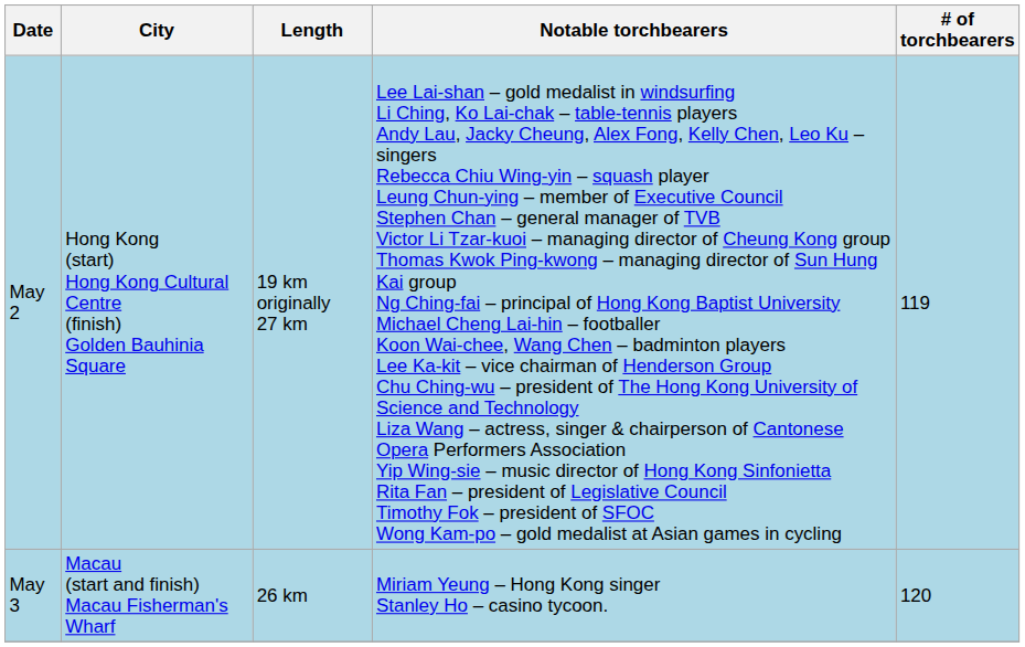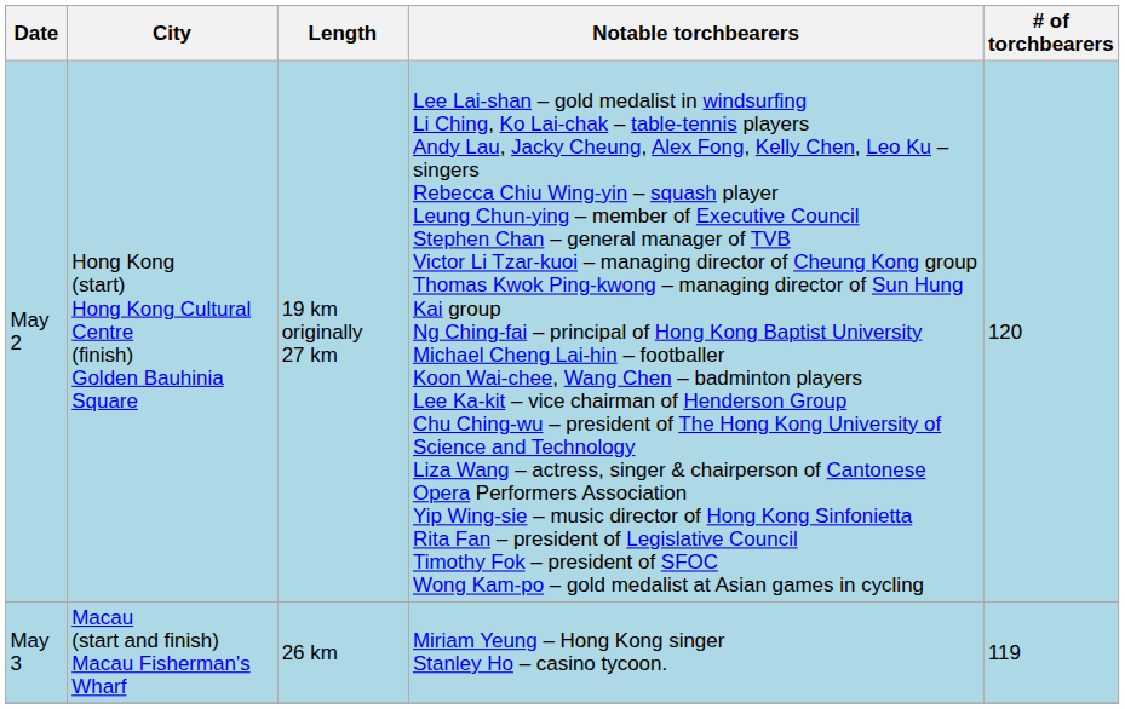 <table class="wikitable">
 <tr>
 <th>Date</th>
 <th colspan=2>City</th>
 <th>Length</th>
 <th>Notable torchbearers</th>
 <th># of <br>torchbearers</th>
 </tr>
 <tr bgcolor="lightblue">
 <td>May 2</td>
 <td colspan=2> Hong Kong<br>(start)<br><a href='#'>Hong Kong Cultural Centre</a><br>(finish)<br><a href='#'>Golden Bauhinia Square</a></td>
 <td>19 km<br>originally 27 km</td>
 <td><br><a href='#'>Lee Lai-shan</a> – gold medalist in <a href='#'>windsurfing</a><br> <a href='#'>Li Ching</a>, <a href='#'>Ko Lai-chak</a> – <a href='#'>table-tennis</a> players<br> <a href='#'>Andy Lau</a>, <a href='#'>Jacky Cheung</a>, <a href='#'>Alex Fong</a>, <a href='#'>Kelly Chen</a>, <a href='#'>Leo Ku</a> – singers<br> <a href='#'>Rebecca Chiu Wing-yin</a> – <a href='#'>squash</a> player<br> <a href='#'>Leung Chun-ying</a> – member of <a href='#'>Executive Council</a><br> <a href='#'>Stephen Chan</a> – general manager of <a href='#'>TVB</a><br> <a href='#'>Victor Li Tzar-kuoi</a> – managing director of <a href='#'>Cheung Kong</a> group<br> <a href='#'>Thomas Kwok Ping-kwong</a> – managing director of <a href='#'>Sun Hung Kai</a> group<br> <a href='#'>Ng Ching-fai</a> – principal of <a href='#'>Hong Kong Baptist University</a><br> <a href='#'>Michael Cheng Lai-hin</a> – footballer<br> <a href='#'>Koon Wai-chee</a>, <a href='#'>Wang Chen</a> – badminton players<br> <a href='#'>Lee Ka-kit</a> – vice chairman of <a href='#'>Henderson Group</a><br> <a href='#'>Chu Ching-wu</a> – president of <a href='#'>The Hong Kong University of Science and Technology</a><br> <a href='#'>Liza Wang</a> – actress, singer & chairperson of <a href='#'>Cantonese Opera</a> Performers Association<br> <a href='#'>Yip Wing-sie</a> – music director of <a href='#'>Hong Kong Sinfonietta</a><br> <a href='#'>Rita Fan</a> – president of <a href='#'>Legislative Council</a><br> <a href='#'>Timothy Fok</a> – president of <a href='#'>SFOC</a><br> <a href='#'>Wong Kam-po</a> – gold medalist at Asian games in cycling</td>
-<td>119</td>
+<td>120</td>
 </tr>
 <tr bgcolor="lightblue">
 <td>May 3</td>
 <td colspan=2> <a href='#'>Macau</a><br>(start and finish)<br><a href='#'>Macau Fisherman's Wharf</a></td>
 <td>26 km</td>
 <td><a href='#'>Miriam Yeung</a> – Hong Kong singer<br><a href='#'>Stanley Ho</a> – casino tycoon.</td>
-<td>120</td>
+<td>119</td>
 </tr>
 <tr>
 </tr>
 </table>
